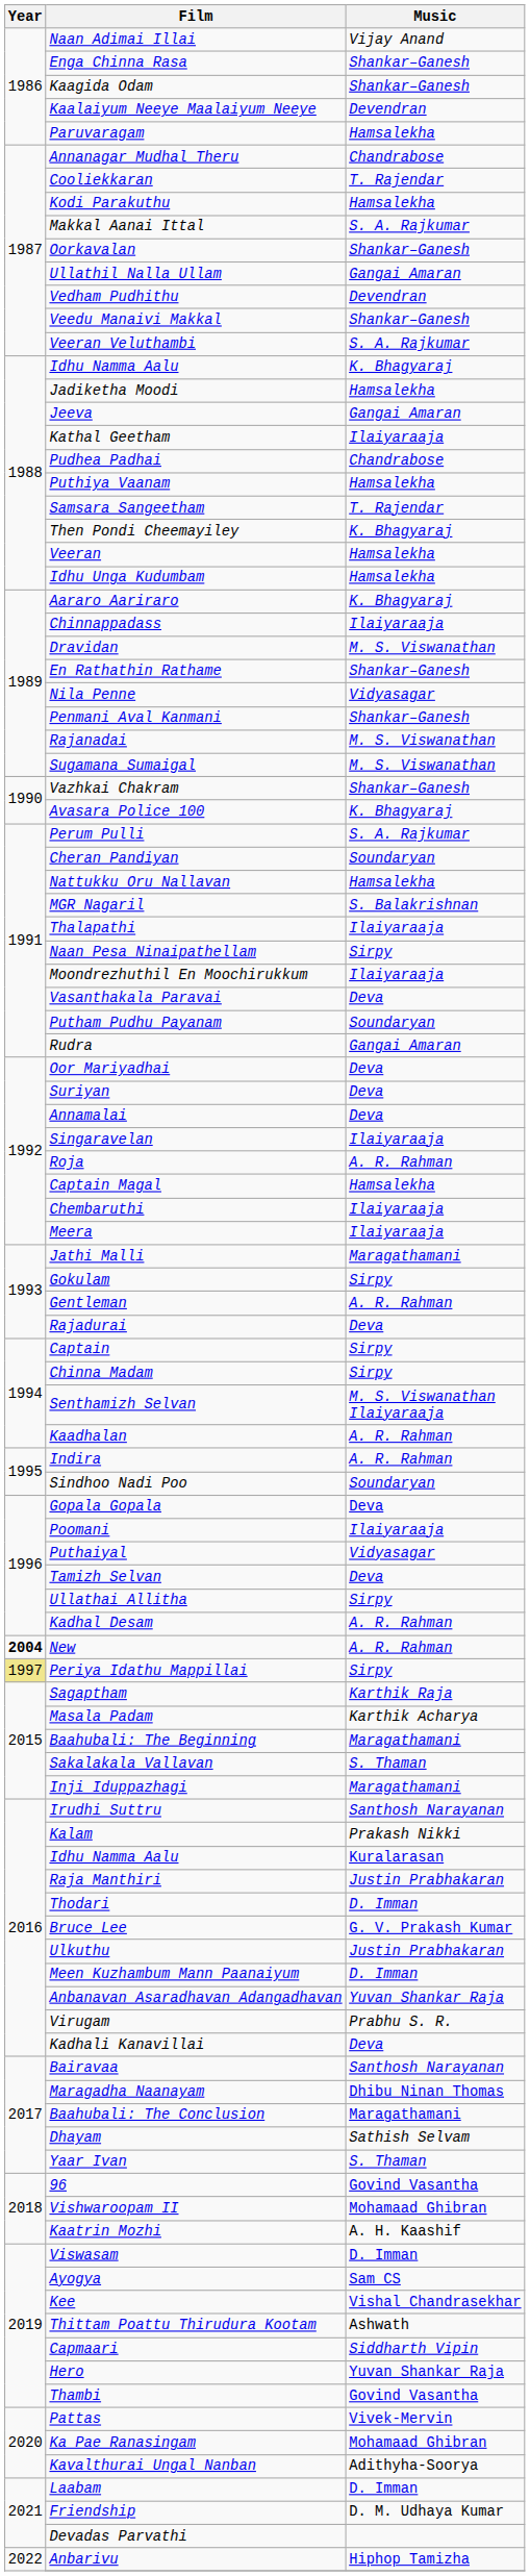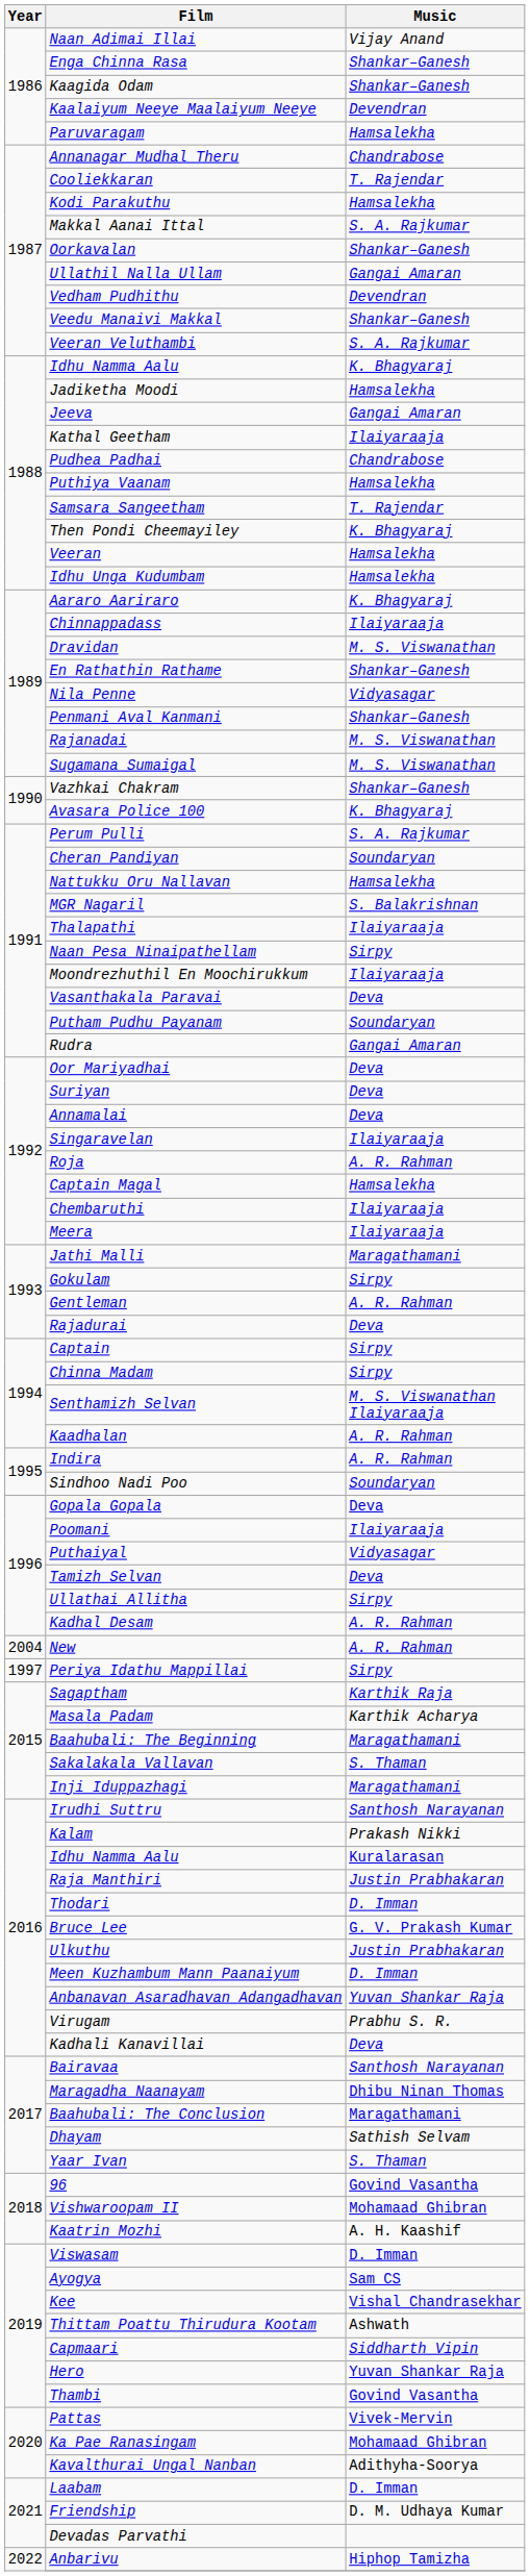 <table class="wikitable sortable">
 <tr>
 <th>Year</th>
 <th>Film</th>
 <th>Music</th>
 </tr>
 <tr>
 <td rowspan="5">1986</td>
 <td><em><a href='#'>Naan Adimai Illai</a></em></td>
 <td><em>Vijay Anand</em></td>
 </tr>
 <tr>
 <td><em><a href='#'>Enga Chinna Rasa</a></em></td>
 <td><em><a href='#'>Shankar–Ganesh</a></em></td>
 </tr>
 <tr>
 <td><em>Kaagida Odam</em></td>
 <td><em><a href='#'>Shankar–Ganesh</a></em></td>
 </tr>
 <tr>
 <td><em><a href='#'>Kaalaiyum Neeye Maalaiyum Neeye</a></em></td>
 <td><em><a href='#'>Devendran</a></em></td>
 </tr>
 <tr>
 <td><em><a href='#'>Paruvaragam</a></em></td>
 <td><em><a href='#'>Hamsalekha</a></em></td>
 </tr>
 <tr>
 <td rowspan="9">1987</td>
 <td><em><a href='#'>Annanagar Mudhal Theru</a></em></td>
 <td><em><a href='#'>Chandrabose</a></em></td>
 </tr>
 <tr>
 <td><em><a href='#'>Cooliekkaran</a></em></td>
 <td><em><a href='#'>T. Rajendar</a></em></td>
 </tr>
 <tr>
 <td><em><a href='#'>Kodi Parakuthu</a></em></td>
 <td><em><a href='#'>Hamsalekha</a></em></td>
 </tr>
 <tr>
 <td><em>Makkal Aanai Ittal</em></td>
 <td><em><a href='#'>S. A. Rajkumar</a></em></td>
 </tr>
 <tr>
 <td><em><a href='#'>Oorkavalan</a></em></td>
 <td><em><a href='#'>Shankar–Ganesh</a></em></td>
 </tr>
 <tr>
 <td><em><a href='#'>Ullathil Nalla Ullam</a></em></td>
 <td><em><a href='#'>Gangai Amaran</a></em></td>
 </tr>
 <tr>
 <td><em><a href='#'>Vedham Pudhithu</a></em></td>
 <td><em><a href='#'>Devendran</a></em></td>
 </tr>
 <tr>
 <td><em><a href='#'>Veedu Manaivi Makkal</a></em></td>
 <td><em><a href='#'>Shankar–Ganesh</a></em></td>
 </tr>
 <tr>
 <td><em><a href='#'>Veeran Veluthambi</a></em></td>
 <td><em><a href='#'>S. A. Rajkumar</a></em></td>
 </tr>
 <tr>
 <td rowspan="10">1988</td>
 <td><em><a href='#'>Idhu Namma Aalu</a></em></td>
 <td><em><a href='#'>K. Bhagyaraj</a></em></td>
 </tr>
 <tr>
 <td><em>Jadiketha Moodi</em></td>
 <td><em><a href='#'>Hamsalekha</a></em></td>
 </tr>
 <tr>
 <td><em><a href='#'>Jeeva</a></em></td>
 <td><em><a href='#'>Gangai Amaran</a></em></td>
 </tr>
 <tr>
 <td><em>Kathal Geetham</em></td>
 <td><em><a href='#'>Ilaiyaraaja</a></em></td>
 </tr>
 <tr>
 <td><em><a href='#'>Pudhea Padhai</a></em></td>
 <td><em><a href='#'>Chandrabose</a></em></td>
 </tr>
 <tr>
 <td><em><a href='#'>Puthiya Vaanam</a></em></td>
 <td><em><a href='#'>Hamsalekha</a></em></td>
 </tr>
 <tr>
 <td><em><a href='#'>Samsara Sangeetham</a></em></td>
 <td><em><a href='#'>T. Rajendar</a></em></td>
 </tr>
 <tr>
 <td><em>Then Pondi Cheemayiley</em></td>
 <td><em><a href='#'>K. Bhagyaraj</a></em></td>
 </tr>
 <tr>
 <td><em><a href='#'>Veeran</a></em></td>
 <td><em><a href='#'>Hamsalekha</a></em></td>
 </tr>
 <tr>
 <td><em><a href='#'>Idhu Unga Kudumbam</a></em></td>
 <td><em><a href='#'>Hamsalekha</a></em></td>
 </tr>
 <tr>
 <td rowspan="8">1989</td>
 <td><em><a href='#'>Aararo Aariraro</a></em></td>
 <td><em><a href='#'>K. Bhagyaraj</a></em></td>
 </tr>
 <tr>
 <td><em><a href='#'>Chinnappadass</a></em></td>
 <td><em><a href='#'>Ilaiyaraaja</a></em></td>
 </tr>
 <tr>
 <td><em><a href='#'>Dravidan</a></em></td>
 <td><em><a href='#'>M. S. Viswanathan</a></em></td>
 </tr>
 <tr>
 <td><em><a href='#'>En Rathathin Rathame</a></em></td>
 <td><em><a href='#'>Shankar–Ganesh</a></em></td>
 </tr>
 <tr>
 <td><em><a href='#'>Nila Penne</a></em></td>
 <td><em><a href='#'>Vidyasagar</a></em></td>
 </tr>
 <tr>
 <td><em><a href='#'>Penmani Aval Kanmani</a></em></td>
 <td><em><a href='#'>Shankar–Ganesh</a></em></td>
 </tr>
 <tr>
 <td><em><a href='#'>Rajanadai</a></em></td>
 <td><em><a href='#'>M. S. Viswanathan</a></em></td>
 </tr>
 <tr>
 <td><em><a href='#'>Sugamana Sumaigal</a></em></td>
 <td><em><a href='#'>M. S. Viswanathan</a></em></td>
 </tr>
 <tr>
 <td rowspan="2">1990</td>
 <td><em>Vazhkai Chakram </em></td>
 <td><em><a href='#'>Shankar–Ganesh</a></em></td>
 </tr>
 <tr>
 <td><em><a href='#'>Avasara Police 100</a></em></td>
 <td><em><a href='#'>K. Bhagyaraj</a></em></td>
 </tr>
 <tr>
 <td rowspan="10">1991</td>
 <td><em><a href='#'>Perum Pulli</a></em></td>
 <td><em><a href='#'>S. A. Rajkumar</a></em></td>
 </tr>
 <tr>
 <td><em><a href='#'>Cheran Pandiyan</a></em></td>
 <td><em><a href='#'>Soundaryan</a></em></td>
 </tr>
 <tr>
 <td><em><a href='#'>Nattukku Oru Nallavan</a></em></td>
 <td><em><a href='#'>Hamsalekha</a></em></td>
 </tr>
 <tr>
 <td><em><a href='#'>MGR Nagaril</a></em></td>
 <td><em><a href='#'>S. Balakrishnan</a></em></td>
 </tr>
 <tr>
 <td><em><a href='#'>Thalapathi</a></em></td>
 <td><em><a href='#'>Ilaiyaraaja</a></em></td>
 </tr>
 <tr>
 <td><em><a href='#'>Naan Pesa Ninaipathellam</a></em></td>
 <td><em><a href='#'>Sirpy</a></em></td>
 </tr>
 <tr>
 <td><em>Moondrezhuthil En Moochirukkum </em></td>
 <td><em><a href='#'>Ilaiyaraaja</a></em></td>
 </tr>
 <tr>
 <td><em><a href='#'>Vasanthakala Paravai</a></em></td>
 <td><em><a href='#'>Deva</a></em></td>
 </tr>
 <tr>
 <td><em><a href='#'>Putham Pudhu Payanam</a></em></td>
 <td><em><a href='#'>Soundaryan</a></em></td>
 </tr>
 <tr>
 <td><em>Rudra </em></td>
 <td><em><a href='#'>Gangai Amaran</a></em></td>
 </tr>
 <tr>
 <td rowspan="8">1992</td>
 <td><em><a href='#'>Oor Mariyadhai</a></em></td>
 <td><em><a href='#'>Deva</a></em></td>
 </tr>
 <tr>
 <td><em><a href='#'>Suriyan</a></em></td>
 <td><em><a href='#'>Deva</a></em></td>
 </tr>
 <tr>
 <td><em><a href='#'>Annamalai</a></em></td>
 <td><em><a href='#'>Deva</a></em></td>
 </tr>
 <tr>
 <td><em><a href='#'>Singaravelan</a></em></td>
 <td><em><a href='#'>Ilaiyaraaja</a></em></td>
 </tr>
 <tr>
 <td><em><a href='#'>Roja</a></em></td>
 <td><em><a href='#'>A. R. Rahman</a></em></td>
 </tr>
 <tr>
 <td><em><a href='#'>Captain Magal</a></em></td>
 <td><em><a href='#'>Hamsalekha</a></em></td>
 </tr>
 <tr>
 <td><em><a href='#'>Chembaruthi</a></em></td>
 <td><em><a href='#'>Ilaiyaraaja</a></em></td>
 </tr>
 <tr>
 <td><em><a href='#'>Meera</a></em></td>
 <td><em><a href='#'>Ilaiyaraaja</a></em></td>
 </tr>
 <tr>
 <td rowspan="4">1993</td>
 <td><em><a href='#'>Jathi Malli</a></em></td>
 <td><em><a href='#'>Maragathamani</a></em></td>
 </tr>
 <tr>
 <td><em><a href='#'>Gokulam</a></em></td>
 <td><em><a href='#'>Sirpy</a></em></td>
 </tr>
 <tr>
 <td><em><a href='#'>Gentleman</a></em></td>
 <td><em><a href='#'>A. R. Rahman</a></em></td>
 </tr>
 <tr>
 <td><em><a href='#'>Rajadurai</a></em></td>
 <td><em><a href='#'>Deva</a></em></td>
 </tr>
 <tr>
 <td rowspan="4">1994</td>
 <td><em><a href='#'>Captain</a></em></td>
 <td><em><a href='#'>Sirpy</a></em></td>
 </tr>
 <tr>
 <td><em><a href='#'>Chinna Madam</a></em></td>
 <td><em><a href='#'>Sirpy</a></em></td>
 </tr>
 <tr>
 <td><em><a href='#'>Senthamizh Selvan</a></em></td>
 <td><em><a href='#'>M. S. Viswanathan</a></em><br><em><a href='#'>Ilaiyaraaja</a></em></td>
 </tr>
 <tr>
 <td><em><a href='#'>Kaadhalan</a></em></td>
 <td><em><a href='#'>A. R. Rahman</a></em></td>
 </tr>
 <tr>
 <td rowspan="2">1995</td>
 <td><em><a href='#'>Indira</a></em></td>
 <td><em><a href='#'>A. R. Rahman</a></em></td>
 </tr>
 <tr>
 <td><em>Sindhoo Nadi Poo</em></td>
 <td><em><a href='#'>Soundaryan</a></em></td>
 </tr>
 <tr>
 <td rowspan="6">1996</td>
 <td><em><a href='#'>Gopala Gopala</a></em></td>
 <td><a href='#'>Deva</a></td>
 </tr>
 <tr>
 <td><em><a href='#'>Poomani</a></em></td>
 <td><em><a href='#'>Ilaiyaraaja</a></em></td>
 </tr>
 <tr>
 <td><em><a href='#'>Puthaiyal</a></em></td>
 <td><em><a href='#'>Vidyasagar</a></em></td>
 </tr>
 <tr>
 <td><em><a href='#'>Tamizh Selvan</a></em></td>
 <td><em><a href='#'>Deva</a></em></td>
 </tr>
 <tr>
 <td><em><a href='#'>Ullathai Allitha</a></em></td>
 <td><em><a href='#'>Sirpy</a></em></td>
 </tr>
 <tr>
 <td><em><a href='#'>Kadhal Desam</a></em></td>
 <td><em><a href='#'>A. R. Rahman</a></em></td>
 </tr>
 <tr>
-<td><strong>2004</strong></td>
+<td>2004</td>
 <td><em><a href='#'>New</a></em></td>
 <td><em><a href='#'>A. R. Rahman</a></em></td>
 </tr>
 <tr>
-<td style="background: khaki;">1997</td>
+<td>1997</td>
 <td><em><a href='#'>Periya Idathu Mappillai</a></em></td>
 <td><em><a href='#'>Sirpy</a></em></td>
 </tr>
 <tr>
 <td rowspan="5">2015</td>
 <td><em><a href='#'>Sagaptham</a></em></td>
 <td><em><a href='#'>Karthik Raja</a></em></td>
 </tr>
 <tr>
 <td><em><a href='#'>Masala Padam</a></em></td>
 <td><em>Karthik Acharya</em></td>
 </tr>
 <tr>
 <td><em><a href='#'>Baahubali: The Beginning</a></em></td>
 <td><em><a href='#'>Maragathamani</a></em></td>
 </tr>
 <tr>
 <td><em><a href='#'>Sakalakala Vallavan</a></em></td>
 <td><em><a href='#'>S. Thaman</a></em></td>
 </tr>
 <tr>
 <td><em><a href='#'>Inji Iduppazhagi</a></em></td>
 <td><em> <a href='#'>Maragathamani</a></em></td>
 </tr>
 <tr>
 <td rowspan="11">2016</td>
 <td><em><a href='#'>Irudhi Suttru</a></em></td>
 <td><em><a href='#'>Santhosh Narayanan</a></em></td>
 </tr>
 <tr>
 <td><em><a href='#'>Kalam</a></em></td>
 <td><em>Prakash Nikki</em></td>
 </tr>
 <tr>
 <td><em><a href='#'>Idhu Namma Aalu</a></em></td>
 <td><a href='#'>Kuralarasan</a></td>
 </tr>
 <tr>
 <td><em><a href='#'>Raja Manthiri</a></em></td>
 <td><em><a href='#'>Justin Prabhakaran</a></em></td>
 </tr>
 <tr>
 <td><em><a href='#'>Thodari</a></em></td>
 <td><em><a href='#'>D. Imman</a></em></td>
 </tr>
 <tr>
 <td><em><a href='#'>Bruce Lee</a></em></td>
 <td><a href='#'>G. V. Prakash Kumar</a></td>
 </tr>
 <tr>
 <td><em><a href='#'>Ulkuthu</a></em></td>
 <td><em><a href='#'>Justin Prabhakaran</a></em></td>
 </tr>
 <tr>
 <td><em><a href='#'>Meen Kuzhambum Mann Paanaiyum</a></em></td>
 <td><em><a href='#'>D. Imman</a></em></td>
 </tr>
 <tr>
 <td><em><a href='#'>Anbanavan Asaradhavan Adangadhavan</a></em></td>
 <td><em><a href='#'>Yuvan Shankar Raja</a></em></td>
 </tr>
 <tr>
 <td><em>Virugam</em></td>
 <td><em>Prabhu S. R.</em></td>
 </tr>
 <tr>
 <td><em>Kadhali Kanavillai</em></td>
 <td><em><a href='#'>Deva</a></em></td>
 </tr>
 <tr>
 <td rowspan="5">2017</td>
 <td><em><a href='#'>Bairavaa</a></em></td>
 <td><em><a href='#'>Santhosh Narayanan</a></em></td>
 </tr>
 <tr>
 <td><em><a href='#'>Maragadha Naanayam</a></em></td>
 <td><a href='#'>Dhibu Ninan Thomas</a></td>
 </tr>
 <tr>
 <td><em><a href='#'>Baahubali: The Conclusion</a></em></td>
 <td><a href='#'>Maragathamani</a></td>
 </tr>
 <tr>
 <td><em><a href='#'>Dhayam</a></em></td>
 <td><em>Sathish Selvam</em></td>
 </tr>
 <tr>
 <td><em><a href='#'>Yaar Ivan</a></em></td>
 <td><em><a href='#'>S. Thaman</a></em></td>
 </tr>
 <tr>
 <td rowspan="3">2018</td>
 <td><em><a href='#'>96</a></em></td>
 <td><a href='#'>Govind Vasantha</a></td>
 </tr>
 <tr>
 <td><em><a href='#'>Vishwaroopam II</a></em></td>
 <td><a href='#'>Mohamaad Ghibran</a></td>
 </tr>
 <tr>
 <td><em><a href='#'>Kaatrin Mozhi</a></em></td>
 <td>A. H. Kaashif</td>
 </tr>
 <tr>
 <td rowspan="7">2019</td>
 <td><em><a href='#'>Viswasam</a></em></td>
 <td><a href='#'>D. Imman</a></td>
 </tr>
 <tr>
 <td><em><a href='#'>Ayogya</a></em></td>
 <td><a href='#'>Sam CS</a></td>
 </tr>
 <tr>
 <td><em><a href='#'>Kee</a></em></td>
 <td><a href='#'>Vishal Chandrasekhar</a></td>
 </tr>
 <tr>
 <td><em><a href='#'>Thittam Poattu Thirudura Kootam</a></em></td>
 <td>Ashwath</td>
 </tr>
 <tr>
 <td><em><a href='#'>Capmaari</a></em></td>
 <td><em><a href='#'>Siddharth Vipin</a></em></td>
 </tr>
 <tr>
 <td><a href='#'><em>Hero</em></a></td>
 <td><a href='#'>Yuvan Shankar Raja</a></td>
 </tr>
 <tr>
 <td><em><a href='#'>Thambi</a></em></td>
 <td><a href='#'>Govind Vasantha</a></td>
 </tr>
 <tr>
 <td rowspan="3">2020</td>
 <td><em><a href='#'>Pattas</a></em></td>
 <td><a href='#'>Vivek-Mervin</a></td>
 </tr>
 <tr>
 <td><em><a href='#'>Ka Pae Ranasingam</a></em></td>
 <td><a href='#'>Mohamaad Ghibran</a></td>
 </tr>
 <tr>
 <td><em><a href='#'>Kavalthurai Ungal Nanban</a></em></td>
 <td>Adithyha-Soorya</td>
 </tr>
 <tr>
 <td rowspan="3">2021</td>
 <td><em><a href='#'>Laabam</a></em></td>
 <td><a href='#'>D. Imman</a></td>
 </tr>
 <tr>
 <td><em><a href='#'>Friendship</a></em></td>
 <td>D. M. Udhaya Kumar</td>
 </tr>
 <tr>
 <td><em>Devadas Parvathi</em></td>
 <td></td>
 </tr>
 <tr>
 <td rowspan="3">2022</td>
 <td><em><a href='#'>Anbarivu</a></em></td>
 <td><a href='#'>Hiphop Tamizha</a></td>
 </tr>
 <tr>
 </tr>
 </table>
